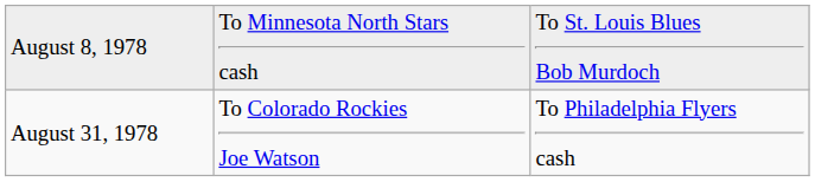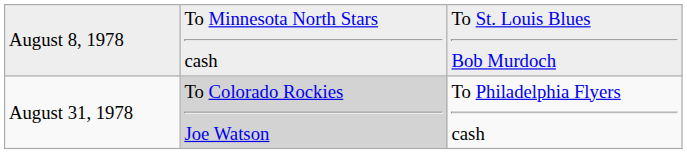 <table class="wikitable" style="border:1px solid #999; width:580px;">
 <tr style="background:#eee;">
 <td>August 8, 1978</td>
 <td valign="top">To <a href='#'>Minnesota North Stars</a><hr>cash</td>
 <td valign="top">To <a href='#'>St. Louis Blues</a><hr><a href='#'>Bob Murdoch</a></td>
 </tr>
 <tr>
 <td>August 31, 1978</td>
-<td valign="top">To <a href='#'>Colorado Rockies</a><hr><a href='#'>Joe Watson</a></td>
+<td valign="top" style="background: lightgrey;">To <a href='#'>Colorado Rockies</a><hr><a href='#'>Joe Watson</a></td>
 <td valign="top">To <a href='#'>Philadelphia Flyers</a><hr>cash</td>
 </tr>
 </table>
